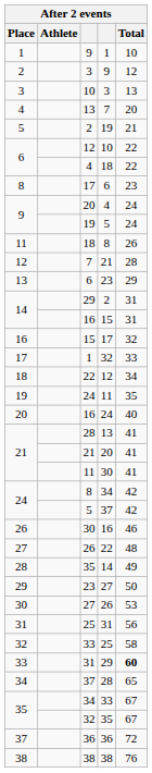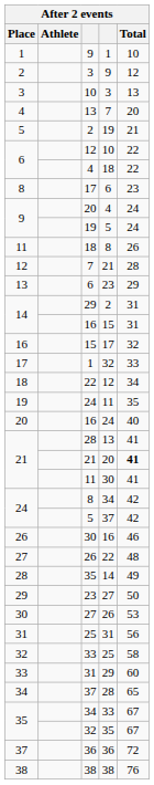 <table class=wikitable style="text-align:center">
 <tr>
 <th colspan=5><strong>After 2 events</strong></th>
 </tr>
 <tr>
 <th>Place</th>
 <th>Athlete</th>
 <th></th>
 <th></th>
 <th>Total</th>
 </tr>
 <tr>
 <td>1</td>
 <td align=left></td>
 <td>9</td>
 <td>1</td>
 <td>10</td>
 </tr>
 <tr>
 <td>2</td>
 <td align=left></td>
 <td>3</td>
 <td>9</td>
 <td>12</td>
 </tr>
 <tr>
 <td>3</td>
 <td align=left></td>
 <td>10</td>
 <td>3</td>
 <td>13</td>
 </tr>
 <tr>
 <td>4</td>
 <td align=left></td>
 <td>13</td>
 <td>7</td>
 <td>20</td>
 </tr>
 <tr>
 <td>5</td>
 <td align=left></td>
 <td>2</td>
 <td>19</td>
 <td>21</td>
 </tr>
 <tr>
 <td rowspan=2>6</td>
 <td align=left></td>
 <td>12</td>
 <td>10</td>
 <td>22</td>
 </tr>
 <tr>
 <td align=left></td>
 <td>4</td>
 <td>18</td>
 <td>22</td>
 </tr>
 <tr>
 <td>8</td>
 <td align=left></td>
 <td>17</td>
 <td>6</td>
 <td>23</td>
 </tr>
 <tr>
 <td rowspan=2>9</td>
 <td align=left></td>
 <td>20</td>
 <td>4</td>
 <td>24</td>
 </tr>
 <tr>
 <td align=left></td>
 <td>19</td>
 <td>5</td>
 <td>24</td>
 </tr>
 <tr>
 <td>11</td>
 <td align=left></td>
 <td>18</td>
 <td>8</td>
 <td>26</td>
 </tr>
 <tr>
 <td>12</td>
 <td align=left></td>
 <td>7</td>
 <td>21</td>
 <td>28</td>
 </tr>
 <tr>
 <td>13</td>
 <td align=left></td>
 <td>6</td>
 <td>23</td>
 <td>29</td>
 </tr>
 <tr>
 <td rowspan=2>14</td>
 <td align=left></td>
 <td>29</td>
 <td>2</td>
 <td>31</td>
 </tr>
 <tr>
 <td align=left></td>
 <td>16</td>
 <td>15</td>
 <td>31</td>
 </tr>
 <tr>
 <td>16</td>
 <td align=left></td>
 <td>15</td>
 <td>17</td>
 <td>32</td>
 </tr>
 <tr>
 <td>17</td>
 <td align=left></td>
 <td>1</td>
 <td>32</td>
 <td>33</td>
 </tr>
 <tr>
 <td>18</td>
 <td align=left></td>
 <td>22</td>
 <td>12</td>
 <td>34</td>
 </tr>
 <tr>
 <td>19</td>
 <td align=left></td>
 <td>24</td>
 <td>11</td>
 <td>35</td>
 </tr>
 <tr>
 <td>20</td>
 <td align=left></td>
 <td>16</td>
 <td>24</td>
 <td>40</td>
 </tr>
 <tr>
 <td rowspan=3>21</td>
 <td align=left></td>
 <td>28</td>
 <td>13</td>
 <td>41</td>
 </tr>
 <tr>
 <td align=left></td>
 <td>21</td>
 <td>20</td>
-<td>41</td>
+<td><strong>41</strong></td>
 </tr>
 <tr>
 <td align=left></td>
 <td>11</td>
 <td>30</td>
 <td>41</td>
 </tr>
 <tr>
 <td rowspan=2>24</td>
 <td align=left></td>
 <td>8</td>
 <td>34</td>
 <td>42</td>
 </tr>
 <tr>
 <td align=left></td>
 <td>5</td>
 <td>37</td>
 <td>42</td>
 </tr>
 <tr>
 <td>26</td>
 <td align=left></td>
 <td>30</td>
 <td>16</td>
 <td>46</td>
 </tr>
 <tr>
 <td>27</td>
 <td align=left></td>
 <td>26</td>
 <td>22</td>
 <td>48</td>
 </tr>
 <tr>
 <td>28</td>
 <td align=left></td>
 <td>35</td>
 <td>14</td>
 <td>49</td>
 </tr>
 <tr>
 <td>29</td>
 <td align=left></td>
 <td>23</td>
 <td>27</td>
 <td>50</td>
 </tr>
 <tr>
 <td>30</td>
 <td align=left></td>
 <td>27</td>
 <td>26</td>
 <td>53</td>
 </tr>
 <tr>
 <td>31</td>
 <td align=left></td>
 <td>25</td>
 <td>31</td>
 <td>56</td>
 </tr>
 <tr>
 <td>32</td>
 <td align=left></td>
 <td>33</td>
 <td>25</td>
 <td>58</td>
 </tr>
 <tr>
 <td>33</td>
 <td align=left></td>
 <td>31</td>
 <td>29</td>
-<td><strong>60</strong></td>
+<td>60</td>
 </tr>
 <tr>
 <td>34</td>
 <td align=left></td>
 <td>37</td>
 <td>28</td>
 <td>65</td>
 </tr>
 <tr>
 <td rowspan=2>35</td>
 <td align=left></td>
 <td>34</td>
 <td>33</td>
 <td>67</td>
 </tr>
 <tr>
 <td align=left></td>
 <td>32</td>
 <td>35</td>
 <td>67</td>
 </tr>
 <tr>
 <td>37</td>
 <td align=left></td>
 <td>36</td>
 <td>36</td>
 <td>72</td>
 </tr>
 <tr>
 <td>38</td>
 <td align=left></td>
 <td>38</td>
 <td>38</td>
 <td>76</td>
 </tr>
 </table>
